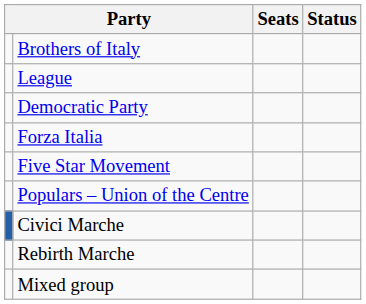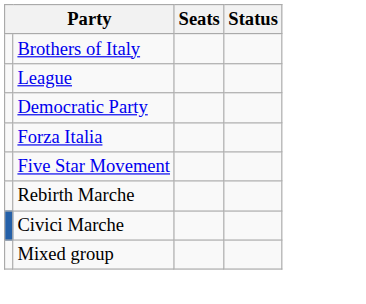 <table class=wikitable>
 <tr>
 <th colspan=2>Party</th>
 <th>Seats</th>
 <th>Status</th>
 </tr>
 <tr>
 <td></td>
 <td><a href='#'>Brothers of Italy</a></td>
 <td></td>
 <td></td>
 </tr>
 <tr>
 <td></td>
 <td><a href='#'>League</a></td>
 <td></td>
 <td></td>
 </tr>
 <tr>
 <td></td>
 <td><a href='#'>Democratic Party</a></td>
 <td></td>
 <td></td>
 </tr>
 <tr>
 <td></td>
 <td><a href='#'>Forza Italia</a></td>
 <td></td>
 <td></td>
 </tr>
 <tr>
 <td></td>
 <td><a href='#'>Five Star Movement</a></td>
 <td></td>
 <td></td>
 </tr>
 <tr>
 <td></td>
-<td><a href='#'>Populars – Union of the Centre</a></td>
+<td>Rebirth Marche</td>
 <td></td>
 <td></td>
 </tr>
 <tr>
 <td bgcolor="#2460A8"></td>
 <td>Civici Marche</td>
 <td></td>
 <td></td>
 </tr>
 <tr>
 <td></td>
-<td>Rebirth Marche</td>
-<td></td>
-<td></td>
-</tr>
-<tr>
-<td></td>
 <td>Mixed group</td>
 <td></td>
 <td></td>
 </tr>
 </table>
